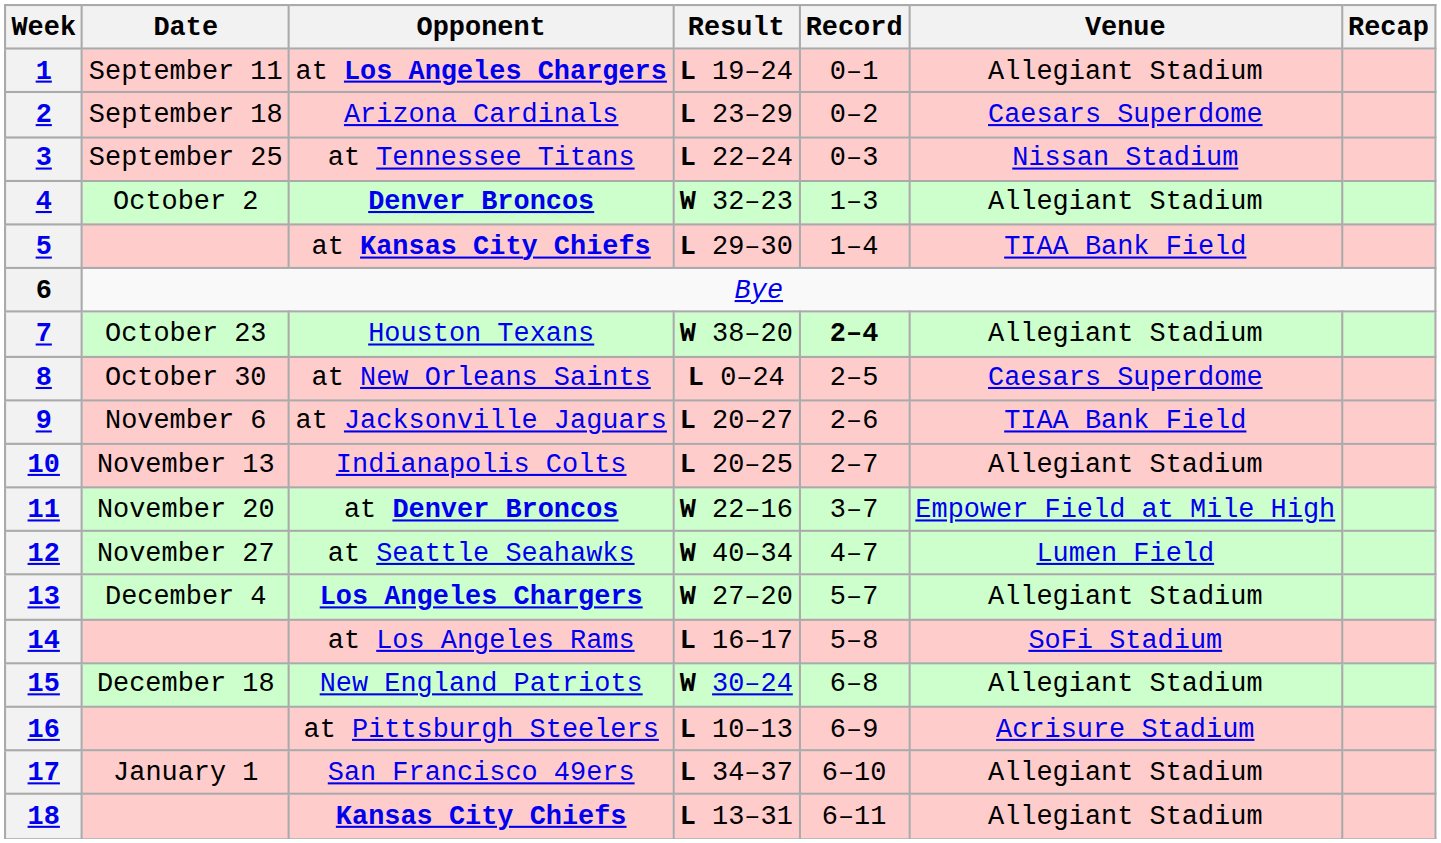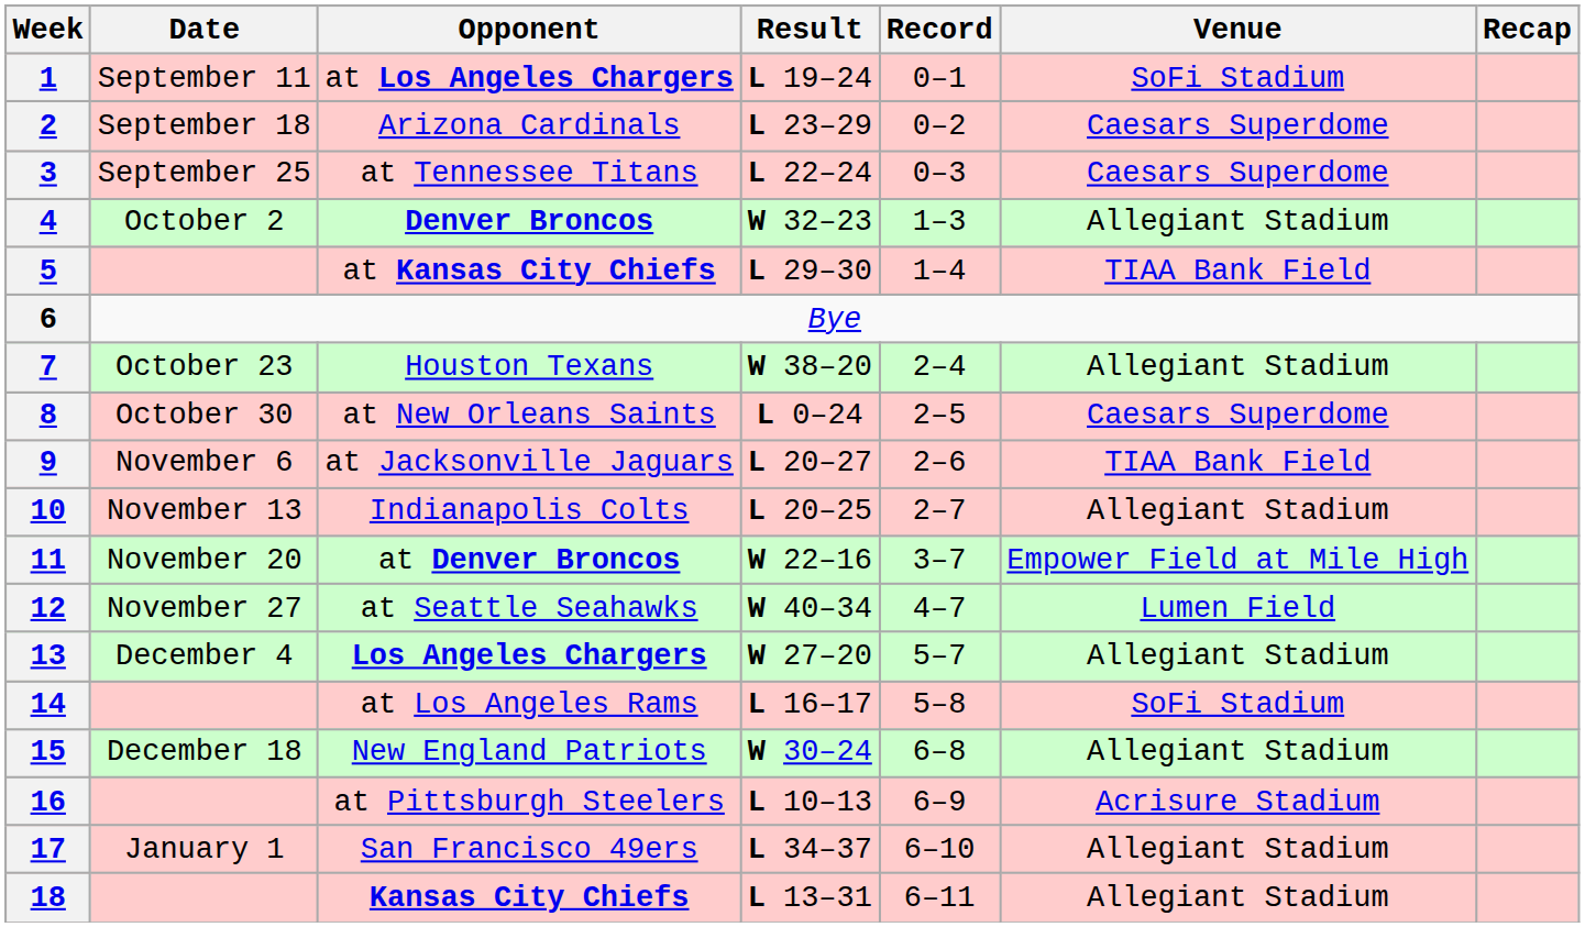 <table class="wikitable" style="text-align:center">
 <tr>
 <th>Week</th>
 <th>Date</th>
 <th>Opponent</th>
 <th>Result</th>
 <th>Record</th>
 <th>Venue</th>
 <th>Recap</th>
 </tr>
 <tr style="background:#fcc">
 <th><a href='#'>1</a></th>
 <td>September 11</td>
 <td>at <strong><a href='#'>Los Angeles Chargers</a></strong></td>
 <td><strong>L</strong> 19–24</td>
 <td>0–1</td>
-<td>Allegiant Stadium</td>
+<td><a href='#'>SoFi Stadium</a></td>
 <td></td>
 </tr>
 <tr style="background:#fcc">
 <th><a href='#'>2</a></th>
 <td>September 18</td>
 <td><a href='#'>Arizona Cardinals</a></td>
 <td><strong>L</strong> 23–29 </td>
 <td>0–2</td>
 <td><a href='#'>Caesars Superdome</a></td>
 <td></td>
 </tr>
 <tr style="background:#fcc">
 <th><a href='#'>3</a></th>
 <td>September 25</td>
 <td>at <a href='#'>Tennessee Titans</a></td>
 <td><strong>L</strong> 22–24</td>
 <td>0–3</td>
-<td><a href='#'>Nissan Stadium</a></td>
+<td><a href='#'>Caesars Superdome</a></td>
 <td></td>
 </tr>
 <tr style="background:#cfc">
 <th><a href='#'>4</a></th>
 <td>October 2</td>
 <td><strong><a href='#'>Denver Broncos</a></strong></td>
 <td><strong>W</strong> 32–23</td>
 <td>1–3</td>
 <td>Allegiant Stadium</td>
 <td></td>
 </tr>
 <tr style="background:#fcc">
 <th><a href='#'>5</a></th>
 <td></td>
 <td>at <strong><a href='#'>Kansas City Chiefs</a></strong></td>
 <td><strong>L</strong> 29–30</td>
 <td>1–4</td>
 <td><a href='#'>TIAA Bank Field</a></td>
 <td></td>
 </tr>
 <tr>
 <th>6</th>
 <td colspan="6"><em><a href='#'>Bye</a></em></td>
 </tr>
 <tr style="background:#cfc">
 <th><a href='#'>7</a></th>
 <td>October 23</td>
 <td><a href='#'>Houston Texans</a></td>
 <td><strong>W</strong> 38–20</td>
-<td><strong>2–4</strong></td>
+<td>2–4</td>
 <td>Allegiant Stadium</td>
 <td></td>
 </tr>
 <tr style="background:#fcc">
 <th><a href='#'>8</a></th>
 <td>October 30</td>
 <td>at <a href='#'>New Orleans Saints</a></td>
 <td><strong>L</strong> 0–24</td>
 <td>2–5</td>
 <td><a href='#'>Caesars Superdome</a></td>
 <td></td>
 </tr>
 <tr style="background:#fcc">
 <th><a href='#'>9</a></th>
 <td>November 6</td>
 <td>at <a href='#'>Jacksonville Jaguars</a></td>
 <td><strong>L</strong> 20–27</td>
 <td>2–6</td>
 <td><a href='#'>TIAA Bank Field</a></td>
 <td></td>
 </tr>
 <tr style="background:#fcc">
 <th><a href='#'>10</a></th>
 <td>November 13</td>
 <td><a href='#'>Indianapolis Colts</a></td>
 <td><strong>L</strong> 20–25</td>
 <td>2–7</td>
 <td>Allegiant Stadium</td>
 <td></td>
 </tr>
 <tr style="background:#cfc">
 <th><a href='#'>11</a></th>
 <td>November 20</td>
 <td>at <strong><a href='#'>Denver Broncos</a></strong></td>
 <td><strong>W</strong> 22–16 </td>
 <td>3–7</td>
 <td><a href='#'>Empower Field at Mile High</a></td>
 <td></td>
 </tr>
 <tr style="background:#cfc">
 <th><a href='#'>12</a></th>
 <td>November 27</td>
 <td>at <a href='#'>Seattle Seahawks</a></td>
 <td><strong>W</strong> 40–34 </td>
 <td>4–7</td>
 <td><a href='#'>Lumen Field</a></td>
 <td></td>
 </tr>
 <tr style="background:#cfc">
 <th><a href='#'>13</a></th>
 <td>December 4</td>
 <td><strong><a href='#'>Los Angeles Chargers</a></strong></td>
 <td><strong>W</strong> 27–20</td>
 <td>5–7</td>
 <td>Allegiant Stadium</td>
 <td></td>
 </tr>
 <tr style="background:#fcc">
 <th><a href='#'>14</a></th>
 <td></td>
 <td>at <a href='#'>Los Angeles Rams</a></td>
 <td><strong>L</strong> 16–17</td>
 <td>5–8</td>
 <td><a href='#'>SoFi Stadium</a></td>
 <td></td>
 </tr>
 <tr style="background:#cfc">
 <th><a href='#'>15</a></th>
 <td>December 18</td>
 <td><a href='#'>New England Patriots</a></td>
 <td><strong>W</strong> <a href='#'>30–24</a></td>
 <td>6–8</td>
 <td>Allegiant Stadium</td>
 <td></td>
 </tr>
 <tr style="background:#fcc">
 <th><a href='#'>16</a></th>
 <td></td>
 <td>at <a href='#'>Pittsburgh Steelers</a></td>
 <td><strong>L</strong> 10–13</td>
 <td>6–9</td>
 <td><a href='#'>Acrisure Stadium</a></td>
 <td></td>
 </tr>
 <tr style="background:#fcc">
 <th><a href='#'>17</a></th>
 <td>January 1</td>
 <td><a href='#'>San Francisco 49ers</a></td>
 <td><strong>L</strong> 34–37 </td>
 <td>6–10</td>
 <td>Allegiant Stadium</td>
 <td></td>
 </tr>
 <tr style="background:#fcc">
 <th><a href='#'>18</a></th>
 <td></td>
 <td><strong><a href='#'>Kansas City Chiefs</a></strong></td>
 <td><strong>L</strong> 13–31</td>
 <td>6–11</td>
 <td>Allegiant Stadium</td>
 <td></td>
 </tr>
 </table>
